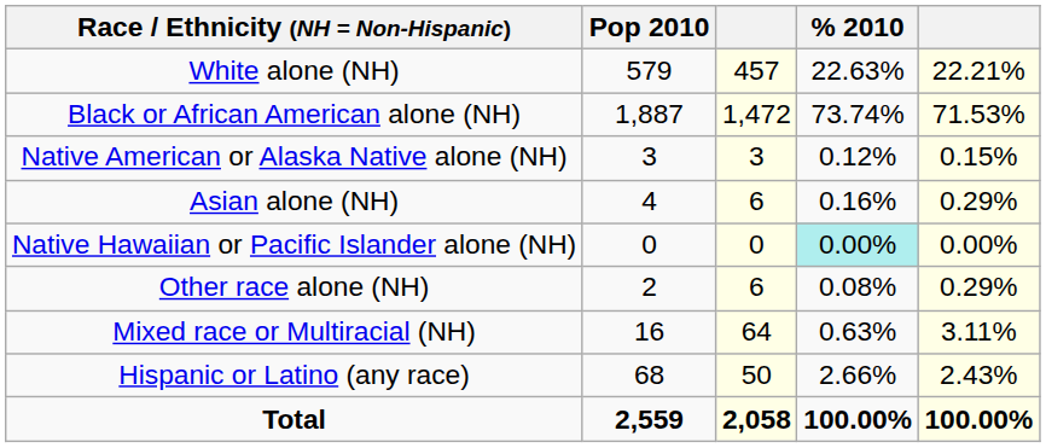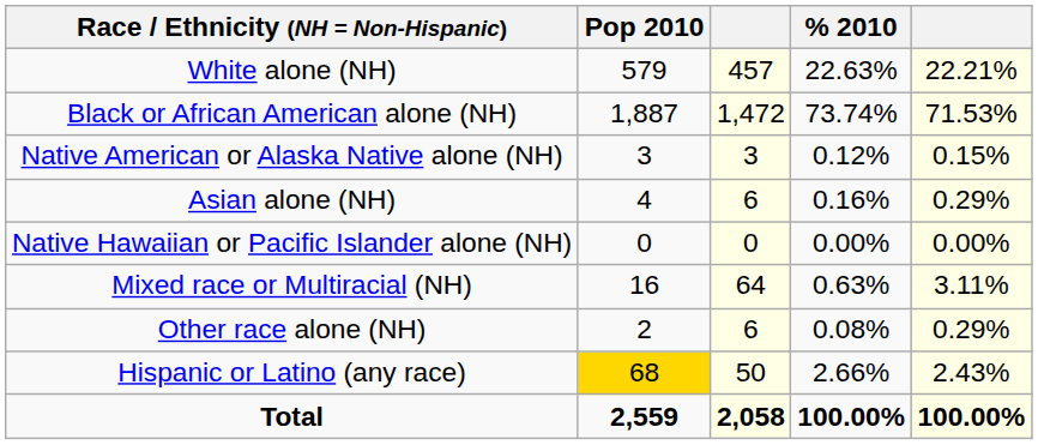 <table class="wikitable" style="text-align:center;">
 <tr>
 <th>Race / Ethnicity <small>(<em>NH = Non-Hispanic</em>)</small></th>
 <th>Pop 2010</th>
 <th></th>
 <th>% 2010</th>
 <th></th>
 </tr>
 <tr>
 <td><a href='#'>White</a> alone (NH)</td>
 <td>579</td>
 <td style='background: #ffffe6;'>457</td>
 <td>22.63%</td>
 <td style='background: #ffffe6;'>22.21%</td>
 </tr>
 <tr>
 <td><a href='#'>Black or African American</a> alone (NH)</td>
 <td>1,887</td>
 <td style='background: #ffffe6;'>1,472</td>
 <td>73.74%</td>
 <td style='background: #ffffe6;'>71.53%</td>
 </tr>
 <tr>
 <td><a href='#'>Native American</a> or <a href='#'>Alaska Native</a> alone (NH)</td>
 <td>3</td>
 <td style='background: #ffffe6;'>3</td>
 <td>0.12%</td>
 <td style='background: #ffffe6;'>0.15%</td>
 </tr>
 <tr>
 <td><a href='#'>Asian</a> alone (NH)</td>
 <td>4</td>
 <td style='background: #ffffe6;'>6</td>
 <td>0.16%</td>
 <td style='background: #ffffe6;'>0.29%</td>
 </tr>
 <tr>
 <td><a href='#'>Native Hawaiian</a> or <a href='#'>Pacific Islander</a> alone (NH)</td>
 <td>0</td>
 <td style='background: #ffffe6;'>0</td>
-<td style="background: paleturquoise;">0.00%</td>
+<td>0.00%</td>
 <td style='background: #ffffe6;'>0.00%</td>
+</tr>
+<tr>
+<td><a href='#'>Mixed race or Multiracial</a> (NH)</td>
+<td>16</td>
+<td style='background: #ffffe6;'>64</td>
+<td>0.63%</td>
+<td style='background: #ffffe6;'>3.11%</td>
 </tr>
 <tr>
 <td><a href='#'>Other race</a> alone (NH)</td>
 <td>2</td>
 <td style='background: #ffffe6;'>6</td>
 <td>0.08%</td>
 <td style='background: #ffffe6;'>0.29%</td>
 </tr>
 <tr>
-<td><a href='#'>Mixed race or Multiracial</a> (NH)</td>
-<td>16</td>
-<td style='background: #ffffe6;'>64</td>
-<td>0.63%</td>
-<td style='background: #ffffe6;'>3.11%</td>
-</tr>
-<tr>
 <td><a href='#'>Hispanic or Latino</a> (any race)</td>
-<td>68</td>
+<td style="background: gold;">68</td>
 <td style='background: #ffffe6;'>50</td>
 <td>2.66%</td>
 <td style='background: #ffffe6;'>2.43%</td>
 </tr>
 <tr>
 <td><strong>Total</strong></td>
 <td><strong>2,559</strong></td>
 <td style='background: #ffffe6;'><strong>2,058</strong></td>
 <td><strong>100.00%</strong></td>
 <td style='background: #ffffe6;'><strong>100.00%</strong></td>
 </tr>
 </table>
